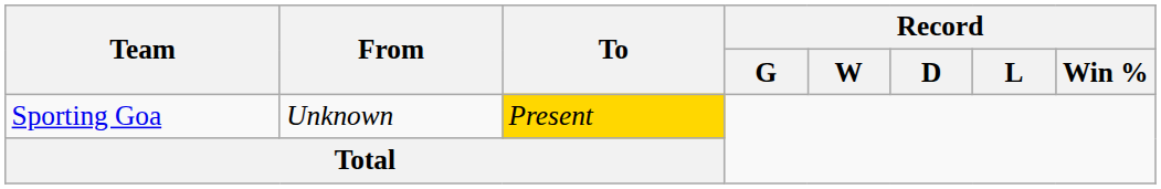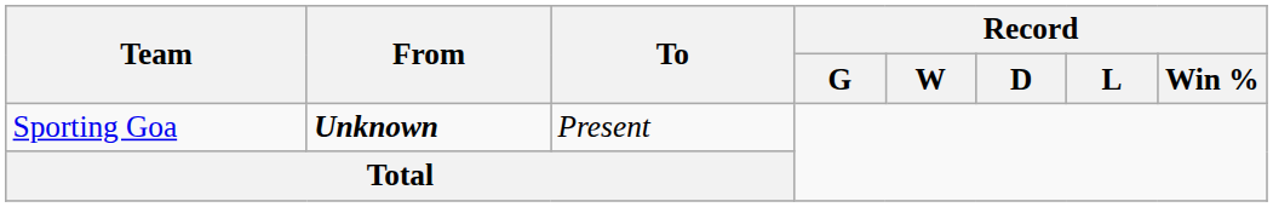 <table class="wikitable" style="text-align: center">
 <tr>
 <th rowspan=2! width=150>Team</th>
 <th rowspan=2! width=120>From</th>
 <th rowspan=2! width=120>To</th>
 <th colspan=7>Record</th>
 </tr>
 <tr>
 <th width=40>G</th>
 <th width=40>W</th>
 <th width=40>D</th>
 <th width=40>L</th>
 <th width=50>Win %</th>
 </tr>
 <tr>
 <td align=left><a href='#'>Sporting Goa</a></td>
-<td align=left><em>Unknown</em></td>
-<td align=left style="background: gold;"><em>Present</em><br></td>
+<td align=left><strong><em>Unknown</em></strong></td>
+<td align=left><em>Present</em><br></td>
 </tr>
 <tr>
 <th colspan="3">Total<br></th>
 </tr>
 </table>
